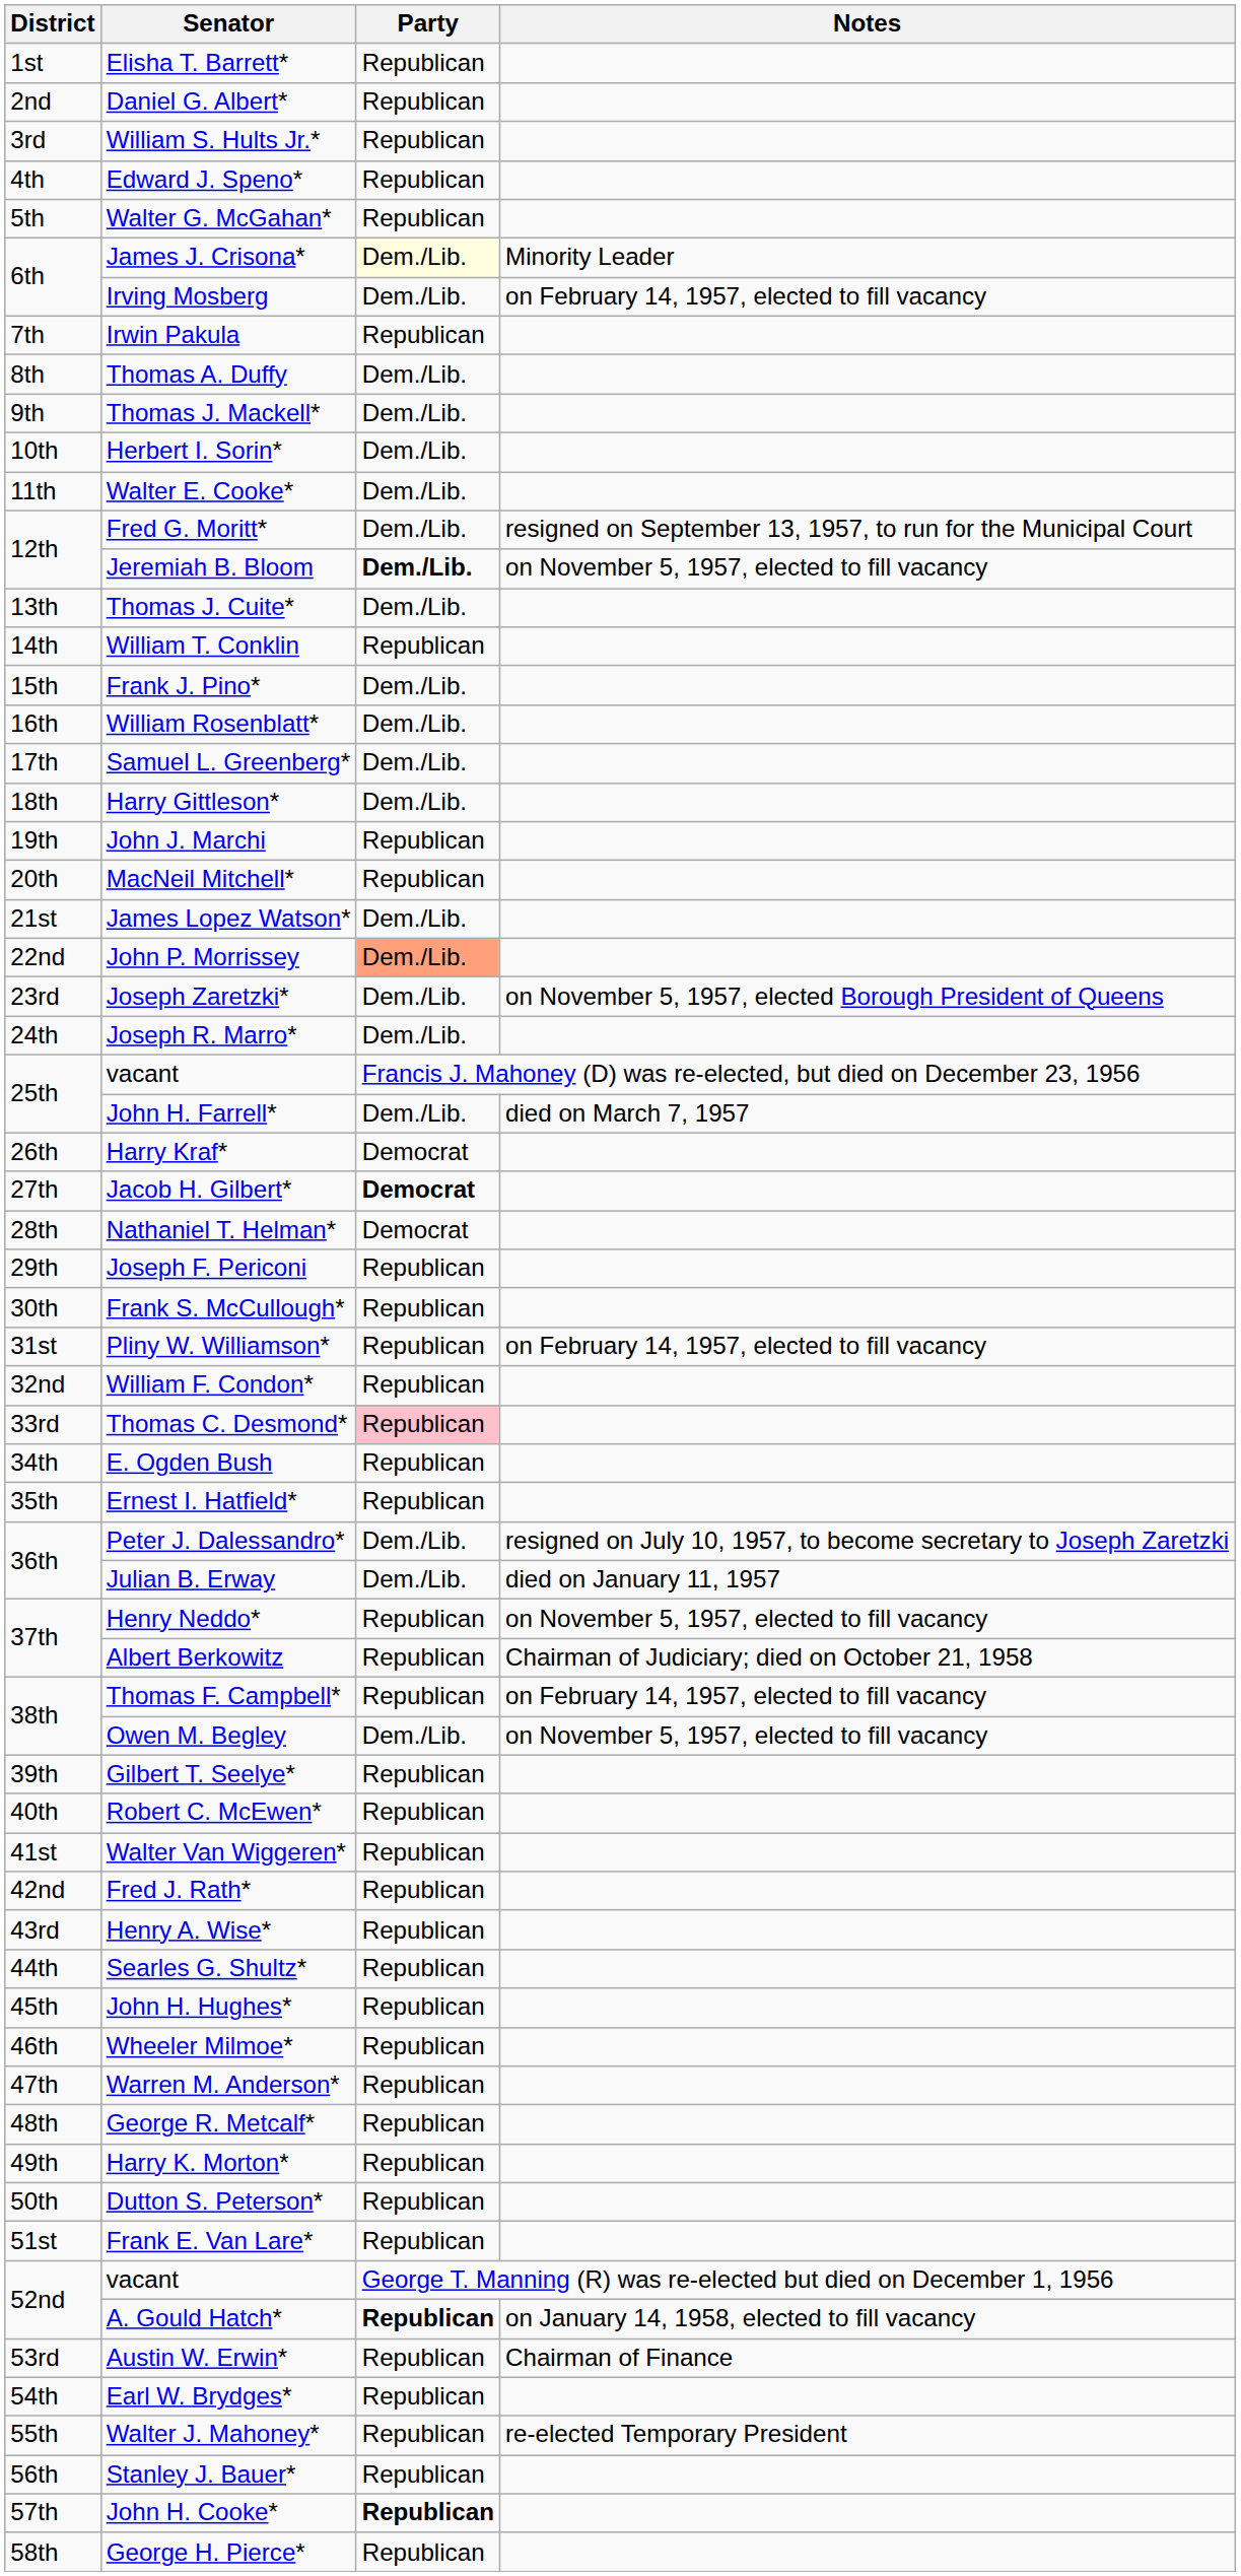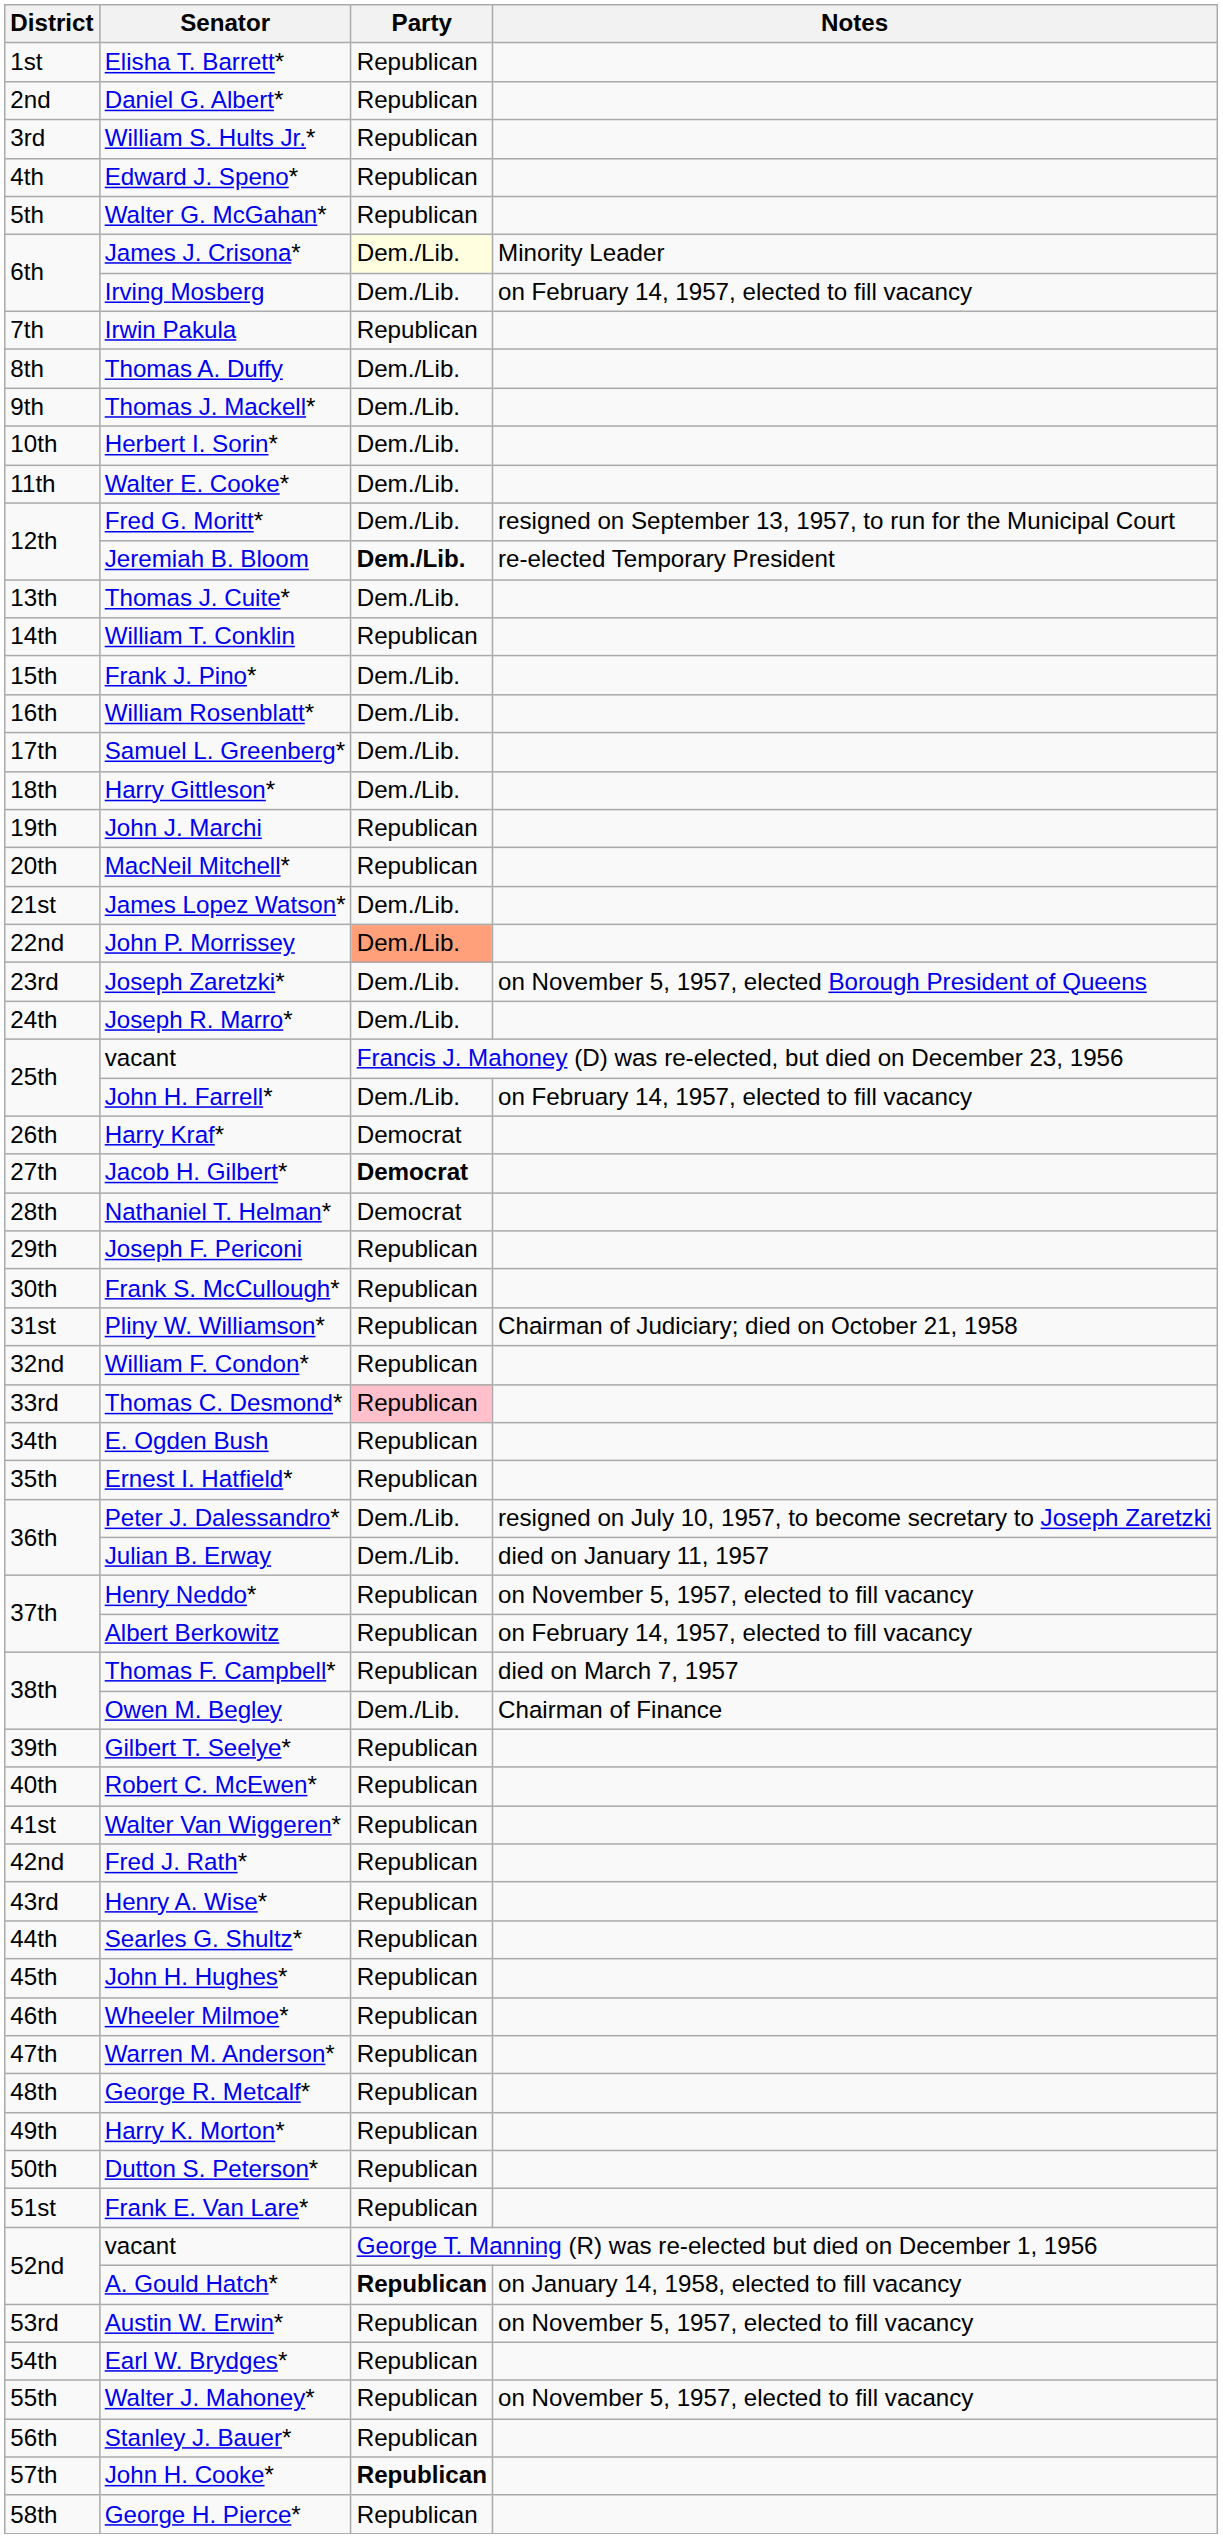 <table class=wikitable>
 <tr>
 <th>District</th>
 <th>Senator</th>
 <th>Party</th>
 <th>Notes</th>
 </tr>
 <tr>
 <td>1st</td>
 <td><a href='#'>Elisha T. Barrett</a>*</td>
 <td>Republican</td>
 <td></td>
 </tr>
 <tr>
 <td>2nd</td>
 <td><a href='#'>Daniel G. Albert</a>*</td>
 <td>Republican</td>
 <td></td>
 </tr>
 <tr>
 <td>3rd</td>
 <td><a href='#'>William S. Hults Jr.</a>*</td>
 <td>Republican</td>
 <td></td>
 </tr>
 <tr>
 <td>4th</td>
 <td><a href='#'>Edward J. Speno</a>*</td>
 <td>Republican</td>
 <td></td>
 </tr>
 <tr>
 <td>5th</td>
 <td><a href='#'>Walter G. McGahan</a>*</td>
 <td>Republican</td>
 <td></td>
 </tr>
 <tr>
 <td rowspan="2">6th</td>
 <td><a href='#'>James J. Crisona</a>*</td>
 <td style="background: lightyellow;">Dem./Lib.</td>
 <td>Minority Leader</td>
 </tr>
 <tr>
 <td><a href='#'>Irving Mosberg</a></td>
 <td>Dem./Lib.</td>
 <td>on February 14, 1957, elected to fill vacancy</td>
 </tr>
 <tr>
 <td>7th</td>
 <td><a href='#'>Irwin Pakula</a></td>
 <td>Republican</td>
 <td></td>
 </tr>
 <tr>
 <td>8th</td>
 <td><a href='#'>Thomas A. Duffy</a></td>
 <td>Dem./Lib.</td>
 <td></td>
 </tr>
 <tr>
 <td>9th</td>
 <td><a href='#'>Thomas J. Mackell</a>*</td>
 <td>Dem./Lib.</td>
 <td></td>
 </tr>
 <tr>
 <td>10th</td>
 <td><a href='#'>Herbert I. Sorin</a>*</td>
 <td>Dem./Lib.</td>
 <td></td>
 </tr>
 <tr>
 <td>11th</td>
 <td><a href='#'>Walter E. Cooke</a>*</td>
 <td>Dem./Lib.</td>
 <td></td>
 </tr>
 <tr>
 <td rowspan="2">12th</td>
 <td><a href='#'>Fred G. Moritt</a>*</td>
 <td>Dem./Lib.</td>
 <td>resigned on September 13, 1957, to run for the Municipal Court</td>
 </tr>
 <tr>
 <td><a href='#'>Jeremiah B. Bloom</a></td>
 <td><strong>Dem./Lib.</strong></td>
-<td>on November 5, 1957, elected to fill vacancy</td>
+<td>re-elected Temporary President</td>
 </tr>
 <tr>
 <td>13th</td>
 <td><a href='#'>Thomas J. Cuite</a>*</td>
 <td>Dem./Lib.</td>
 <td></td>
 </tr>
 <tr>
 <td>14th</td>
 <td><a href='#'>William T. Conklin</a></td>
 <td>Republican</td>
 <td></td>
 </tr>
 <tr>
 <td>15th</td>
 <td><a href='#'>Frank J. Pino</a>*</td>
 <td>Dem./Lib.</td>
 <td></td>
 </tr>
 <tr>
 <td>16th</td>
 <td><a href='#'>William Rosenblatt</a>*</td>
 <td>Dem./Lib.</td>
 <td></td>
 </tr>
 <tr>
 <td>17th</td>
 <td><a href='#'>Samuel L. Greenberg</a>*</td>
 <td>Dem./Lib.</td>
 <td></td>
 </tr>
 <tr>
 <td>18th</td>
 <td><a href='#'>Harry Gittleson</a>*</td>
 <td>Dem./Lib.</td>
 <td></td>
 </tr>
 <tr>
 <td>19th</td>
 <td><a href='#'>John J. Marchi</a></td>
 <td>Republican</td>
 <td></td>
 </tr>
 <tr>
 <td>20th</td>
 <td><a href='#'>MacNeil Mitchell</a>*</td>
 <td>Republican</td>
 <td></td>
 </tr>
 <tr>
 <td>21st</td>
 <td><a href='#'>James Lopez Watson</a>*</td>
 <td>Dem./Lib.</td>
 <td></td>
 </tr>
 <tr>
 <td>22nd</td>
 <td><a href='#'>John P. Morrissey</a></td>
 <td style="background: lightsalmon;">Dem./Lib.</td>
 <td></td>
 </tr>
 <tr>
 <td>23rd</td>
 <td><a href='#'>Joseph Zaretzki</a>*</td>
 <td>Dem./Lib.</td>
 <td>on November 5, 1957, elected <a href='#'>Borough President of Queens</a></td>
 </tr>
 <tr>
 <td>24th</td>
 <td><a href='#'>Joseph R. Marro</a>*</td>
 <td>Dem./Lib.</td>
 <td></td>
 </tr>
 <tr>
 <td rowspan="2">25th</td>
 <td>vacant</td>
 <td colspan="2"><a href='#'>Francis J. Mahoney</a> (D) was re-elected, but died on December 23, 1956</td>
 </tr>
 <tr>
 <td><a href='#'>John H. Farrell</a>*</td>
 <td>Dem./Lib.</td>
-<td>died on March 7, 1957</td>
+<td>on February 14, 1957, elected to fill vacancy</td>
 </tr>
 <tr>
 <td>26th</td>
 <td><a href='#'>Harry Kraf</a>*</td>
 <td>Democrat</td>
 <td></td>
 </tr>
 <tr>
 <td>27th</td>
 <td><a href='#'>Jacob H. Gilbert</a>*</td>
 <td><strong>Democrat</strong></td>
 <td></td>
 </tr>
 <tr>
 <td>28th</td>
 <td><a href='#'>Nathaniel T. Helman</a>*</td>
 <td>Democrat</td>
 <td></td>
 </tr>
 <tr>
 <td>29th</td>
 <td><a href='#'>Joseph F. Periconi</a></td>
 <td>Republican</td>
 <td></td>
 </tr>
 <tr>
 <td>30th</td>
 <td><a href='#'>Frank S. McCullough</a>*</td>
 <td>Republican</td>
 <td></td>
 </tr>
 <tr>
 <td>31st</td>
 <td><a href='#'>Pliny W. Williamson</a>*</td>
 <td>Republican</td>
-<td>on February 14, 1957, elected to fill vacancy</td>
+<td>Chairman of Judiciary; died on October 21, 1958</td>
 </tr>
 <tr>
 <td>32nd</td>
 <td><a href='#'>William F. Condon</a>*</td>
 <td>Republican</td>
 <td></td>
 </tr>
 <tr>
 <td>33rd</td>
 <td><a href='#'>Thomas C. Desmond</a>*</td>
 <td style="background: pink;">Republican</td>
 <td></td>
 </tr>
 <tr>
 <td>34th</td>
 <td><a href='#'>E. Ogden Bush</a></td>
 <td>Republican</td>
 <td></td>
 </tr>
 <tr>
 <td>35th</td>
 <td><a href='#'>Ernest I. Hatfield</a>*</td>
 <td>Republican</td>
 <td></td>
 </tr>
 <tr>
 <td rowspan="2">36th</td>
 <td><a href='#'>Peter J. Dalessandro</a>*</td>
 <td>Dem./Lib.</td>
 <td>resigned on July 10, 1957, to become secretary to <a href='#'>Joseph Zaretzki</a></td>
 </tr>
 <tr>
 <td><a href='#'>Julian B. Erway</a></td>
 <td>Dem./Lib.</td>
 <td>died on January 11, 1957</td>
 </tr>
 <tr>
 <td rowspan="2">37th</td>
 <td><a href='#'>Henry Neddo</a>*</td>
 <td>Republican</td>
 <td>on November 5, 1957, elected to fill vacancy</td>
 </tr>
 <tr>
 <td><a href='#'>Albert Berkowitz</a></td>
 <td>Republican</td>
-<td>Chairman of Judiciary; died on October 21, 1958</td>
+<td>on February 14, 1957, elected to fill vacancy</td>
 </tr>
 <tr>
 <td rowspan="2">38th</td>
 <td><a href='#'>Thomas F. Campbell</a>*</td>
 <td>Republican</td>
-<td>on February 14, 1957, elected to fill vacancy</td>
+<td>died on March 7, 1957</td>
 </tr>
 <tr>
 <td><a href='#'>Owen M. Begley</a></td>
 <td>Dem./Lib.</td>
-<td>on November 5, 1957, elected to fill vacancy</td>
+<td>Chairman of Finance</td>
 </tr>
 <tr>
 <td>39th</td>
 <td><a href='#'>Gilbert T. Seelye</a>*</td>
 <td>Republican</td>
 <td></td>
 </tr>
 <tr>
 <td>40th</td>
 <td><a href='#'>Robert C. McEwen</a>*</td>
 <td>Republican</td>
 <td></td>
 </tr>
 <tr>
 <td>41st</td>
 <td><a href='#'>Walter Van Wiggeren</a>*</td>
 <td>Republican</td>
 <td></td>
 </tr>
 <tr>
 <td>42nd</td>
 <td><a href='#'>Fred J. Rath</a>*</td>
 <td>Republican</td>
 <td></td>
 </tr>
 <tr>
 <td>43rd</td>
 <td><a href='#'>Henry A. Wise</a>*</td>
 <td>Republican</td>
 <td></td>
 </tr>
 <tr>
 <td>44th</td>
 <td><a href='#'>Searles G. Shultz</a>*</td>
 <td>Republican</td>
 <td></td>
 </tr>
 <tr>
 <td>45th</td>
 <td><a href='#'>John H. Hughes</a>*</td>
 <td>Republican</td>
 <td></td>
 </tr>
 <tr>
 <td>46th</td>
 <td><a href='#'>Wheeler Milmoe</a>*</td>
 <td>Republican</td>
 <td></td>
 </tr>
 <tr>
 <td>47th</td>
 <td><a href='#'>Warren M. Anderson</a>*</td>
 <td>Republican</td>
 <td></td>
 </tr>
 <tr>
 <td>48th</td>
 <td><a href='#'>George R. Metcalf</a>*</td>
 <td>Republican</td>
 <td></td>
 </tr>
 <tr>
 <td>49th</td>
 <td><a href='#'>Harry K. Morton</a>*</td>
 <td>Republican</td>
 <td></td>
 </tr>
 <tr>
 <td>50th</td>
 <td><a href='#'>Dutton S. Peterson</a>*</td>
 <td>Republican</td>
 <td></td>
 </tr>
 <tr>
 <td>51st</td>
 <td><a href='#'>Frank E. Van Lare</a>*</td>
 <td>Republican</td>
 <td></td>
 </tr>
 <tr>
 <td rowspan="2">52nd</td>
 <td>vacant</td>
 <td colspan="2"><a href='#'>George T. Manning</a> (R) was re-elected but died on December 1, 1956</td>
 </tr>
 <tr>
 <td><a href='#'>A. Gould Hatch</a>*</td>
 <td><strong>Republican</strong></td>
 <td>on January 14, 1958, elected to fill vacancy</td>
 </tr>
 <tr>
 <td>53rd</td>
 <td><a href='#'>Austin W. Erwin</a>*</td>
 <td>Republican</td>
-<td>Chairman of Finance</td>
+<td>on November 5, 1957, elected to fill vacancy</td>
 </tr>
 <tr>
 <td>54th</td>
 <td><a href='#'>Earl W. Brydges</a>*</td>
 <td>Republican</td>
 <td></td>
 </tr>
 <tr>
 <td>55th</td>
 <td><a href='#'>Walter J. Mahoney</a>*</td>
 <td>Republican</td>
-<td>re-elected Temporary President</td>
+<td>on November 5, 1957, elected to fill vacancy</td>
 </tr>
 <tr>
 <td>56th</td>
 <td><a href='#'>Stanley J. Bauer</a>*</td>
 <td>Republican</td>
 <td></td>
 </tr>
 <tr>
 <td>57th</td>
 <td><a href='#'>John H. Cooke</a>*</td>
 <td><strong>Republican</strong></td>
 <td></td>
 </tr>
 <tr>
 <td>58th</td>
 <td><a href='#'>George H. Pierce</a>*</td>
 <td>Republican</td>
 <td></td>
 </tr>
 <tr>
 </tr>
 </table>
